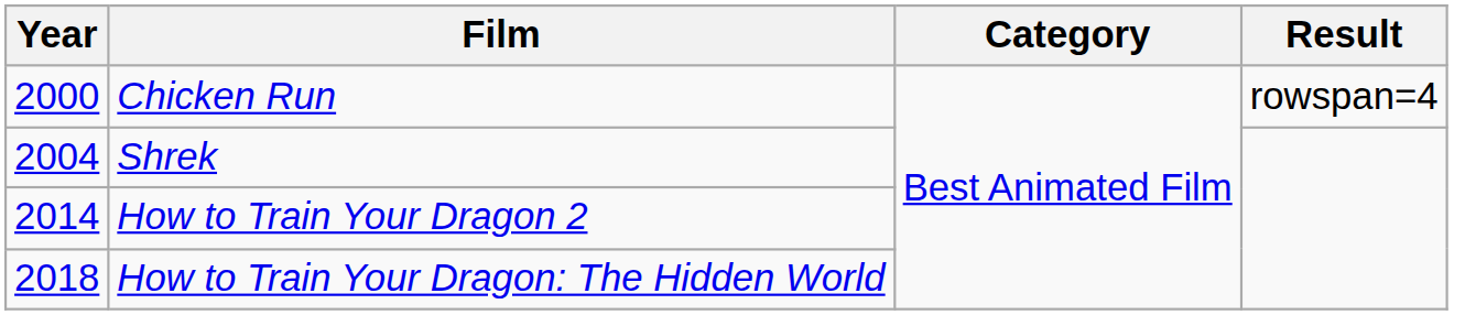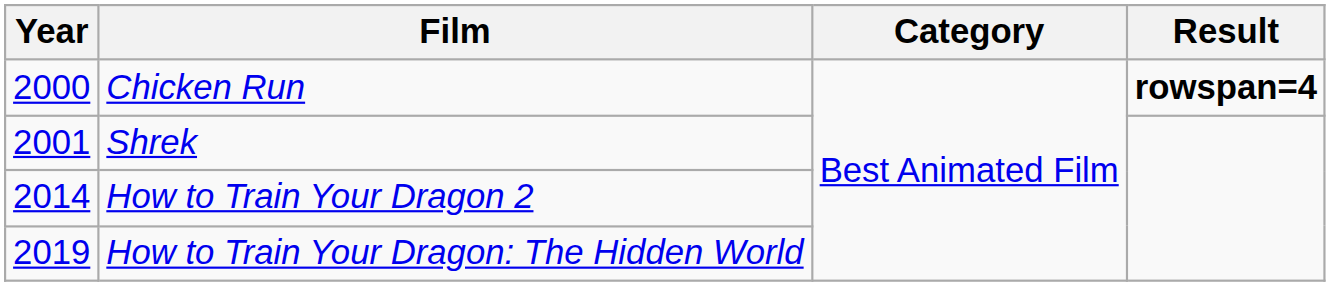 <table class="wikitable">
 <tr>
 <th>Year</th>
 <th>Film</th>
 <th>Category</th>
 <th>Result</th>
 </tr>
 <tr>
 <td><a href='#'>2000</a></td>
 <td><em><a href='#'>Chicken Run</a></em></td>
 <td rowspan=4><a href='#'>Best Animated Film</a></td>
-<td>rowspan=4 </td>
+<td><strong>rowspan=4 </strong></td>
 </tr>
 <tr>
-<td><a href='#'>2004</a></td>
+<td><a href='#'>2001</a></td>
 <td><em><a href='#'>Shrek</a></em></td>
 </tr>
 <tr>
 <td><a href='#'>2014</a></td>
 <td><em><a href='#'>How to Train Your Dragon 2</a></em></td>
 </tr>
 <tr>
-<td><a href='#'>2018</a></td>
+<td><a href='#'>2019</a></td>
 <td><em><a href='#'>How to Train Your Dragon: The Hidden World</a></em></td>
 </tr>
 </table>
